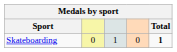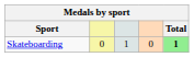 <table class="wikitable" style="font-size:90%; text-align:center;">
 <tr>
 <th colspan="5">Medals by sport</th>
 </tr>
 <tr>
 <th width="120">Sport</th>
 <th scope="col" width="30" style="background:#F7F6A8;"></th>
 <th scope="col" width="30" style="background:#DCE5E5;"></th>
 <th scope="col" width="30" style="background:#FFDAB9;"></th>
 <th width="30">Total</th>
 </tr>
 <tr>
 <td align="left"><a href='#'>Skateboarding</a></td>
 <td style="background:#F7F6A8;">0</td>
 <td style="background:#DCE5E5;">1</td>
 <td style="background:#FFDAB9;">0</td>
-<td><strong>1</strong></td>
+<td style="background: lightgreen;"><strong>1</strong></td>
 </tr>
 </table>
